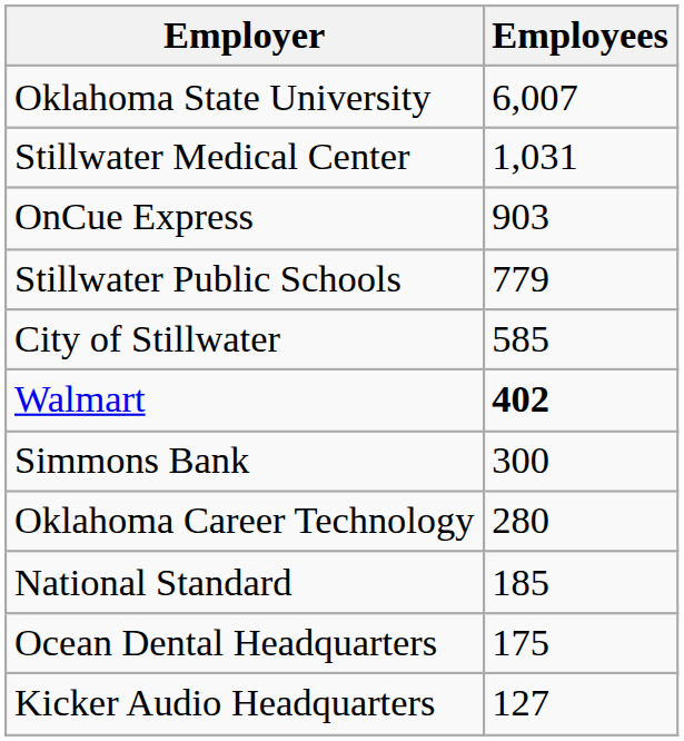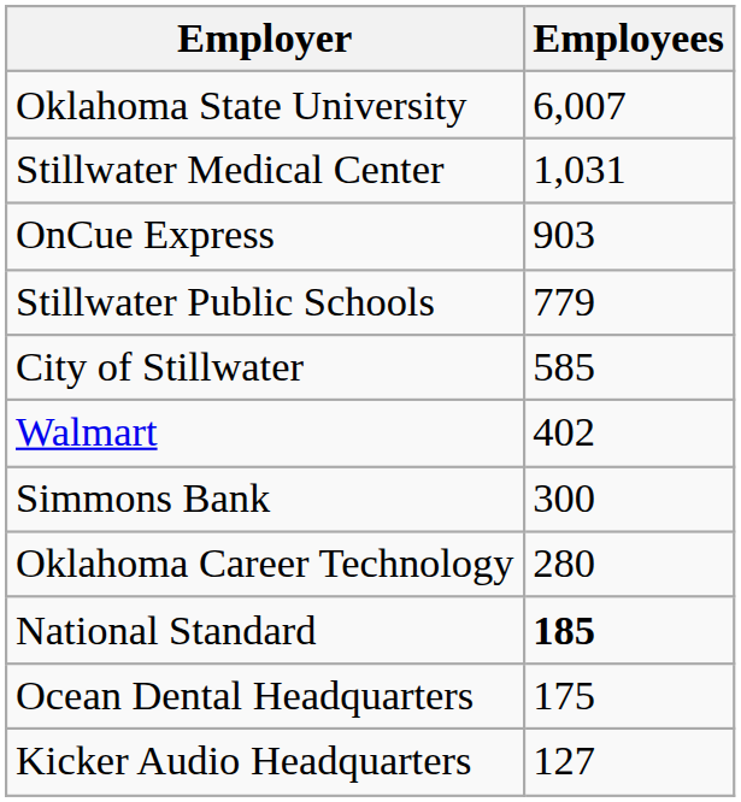 <table class="wikitable">
 <tr>
 <th>Employer</th>
 <th>Employees</th>
 </tr>
 <tr>
 <td>Oklahoma State University</td>
 <td>6,007</td>
 </tr>
 <tr>
 <td>Stillwater Medical Center</td>
 <td>1,031</td>
 </tr>
 <tr>
 <td>OnCue Express</td>
 <td>903</td>
 </tr>
 <tr>
 <td>Stillwater Public Schools</td>
 <td>779</td>
 </tr>
 <tr>
 <td>City of Stillwater</td>
 <td>585</td>
 </tr>
 <tr>
 <td><a href='#'>Walmart</a></td>
-<td><strong>402</strong></td>
+<td>402</td>
 </tr>
 <tr>
 <td>Simmons Bank</td>
 <td>300</td>
 </tr>
 <tr>
 <td>Oklahoma Career Technology</td>
 <td>280</td>
 </tr>
 <tr>
 <td>National Standard</td>
-<td>185</td>
+<td><strong>185</strong></td>
 </tr>
 <tr>
 <td>Ocean Dental Headquarters</td>
 <td>175</td>
 </tr>
 <tr>
 <td>Kicker Audio Headquarters</td>
 <td>127</td>
 </tr>
 </table>
